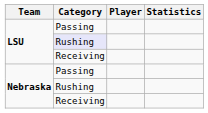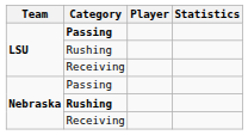 <table class="wikitable" style="float: right;">
 <tr>
 <th>Team</th>
 <th>Category</th>
 <th>Player</th>
 <th>Statistics</th>
 </tr>
 <tr>
 <td rowspan=3><strong>LSU</strong></td>
-<td>Passing</td>
+<td><strong>Passing</strong></td>
 <td></td>
 <td></td>
 </tr>
 <tr>
-<td style="background: lavender;">Rushing</td>
+<td>Rushing</td>
 <td></td>
 <td></td>
 </tr>
 <tr>
 <td>Receiving</td>
 <td></td>
 <td></td>
 </tr>
 <tr>
 <td rowspan=3><strong>Nebraska</strong></td>
 <td>Passing</td>
 <td></td>
 <td></td>
 </tr>
 <tr>
-<td>Rushing</td>
+<td><strong>Rushing</strong></td>
 <td></td>
 <td></td>
 </tr>
 <tr>
 <td>Receiving</td>
 <td></td>
 <td></td>
 </tr>
 </table>
